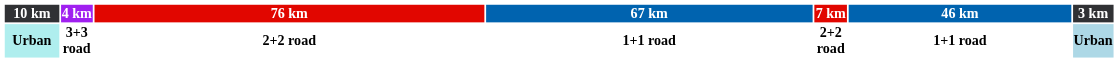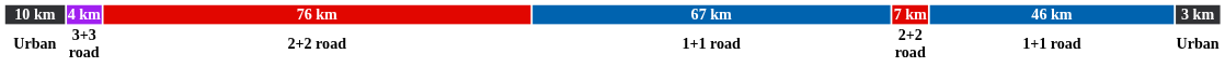 <table style="width:100%; font-weight:bold; text-align:center">
 <tr>
 <td style="background:#303134; width:5%; color:white">10 km</td>
 <td style="background:#A020F0; width:2%; color:white">4 km</td>
 <td style="background:#E10600; width:37%; color:white">76 km</td>
 <td style="background:#0063AF; width:31%; color:white">67 km</td>
 <td style="background:#E10600; width:3%; color:white">7 km</td>
 <td style="background:#0063AF; width:21%; color:white">46 km</td>
 <td style="background:#303134; width:1%; color:white">3 km</td>
 </tr>
 <tr>
-<td style="background: paleturquoise;">Urban</td>
+<td>Urban</td>
 <td>3+3 road</td>
 <td>2+2 road</td>
 <td>1+1 road</td>
 <td>2+2 road</td>
 <td>1+1 road</td>
-<td style="background: lightblue;">Urban</td>
+<td>Urban</td>
 </tr>
 </table>
